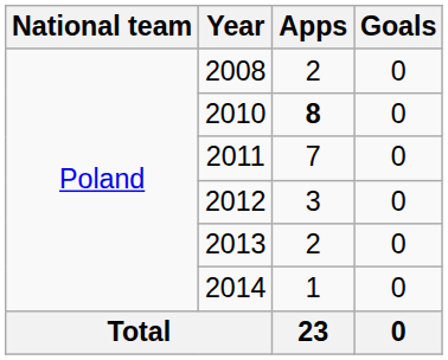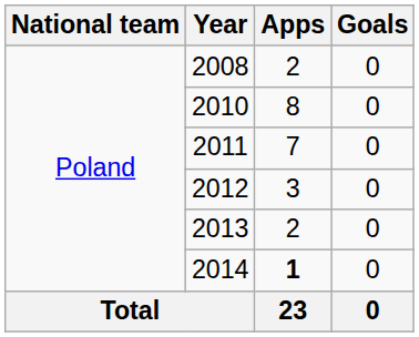 <table class="wikitable" style="text-align:center">
 <tr>
 <th>National team</th>
 <th>Year</th>
 <th>Apps</th>
 <th>Goals</th>
 </tr>
 <tr>
 <td rowspan="6"><a href='#'>Poland</a></td>
 <td>2008</td>
 <td>2</td>
 <td>0</td>
 </tr>
 <tr>
 <td>2010</td>
-<td><strong>8</strong></td>
+<td>8</td>
 <td>0</td>
 </tr>
 <tr>
 <td>2011</td>
 <td>7</td>
 <td>0</td>
 </tr>
 <tr>
 <td>2012</td>
 <td>3</td>
 <td>0</td>
 </tr>
 <tr>
 <td>2013</td>
 <td>2</td>
 <td>0</td>
 </tr>
 <tr>
 <td>2014</td>
-<td>1</td>
+<td><strong>1</strong></td>
 <td>0</td>
 </tr>
 <tr>
 <th colspan="2">Total</th>
 <th>23</th>
 <th>0</th>
 </tr>
 </table>
